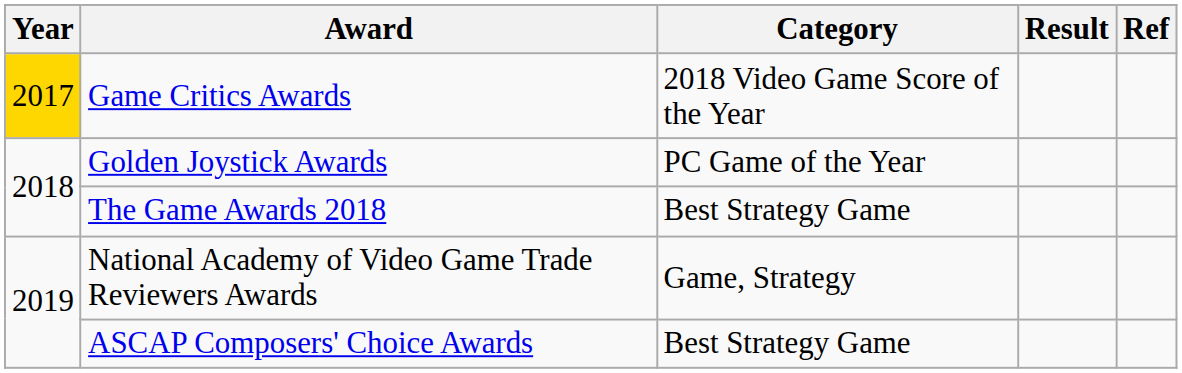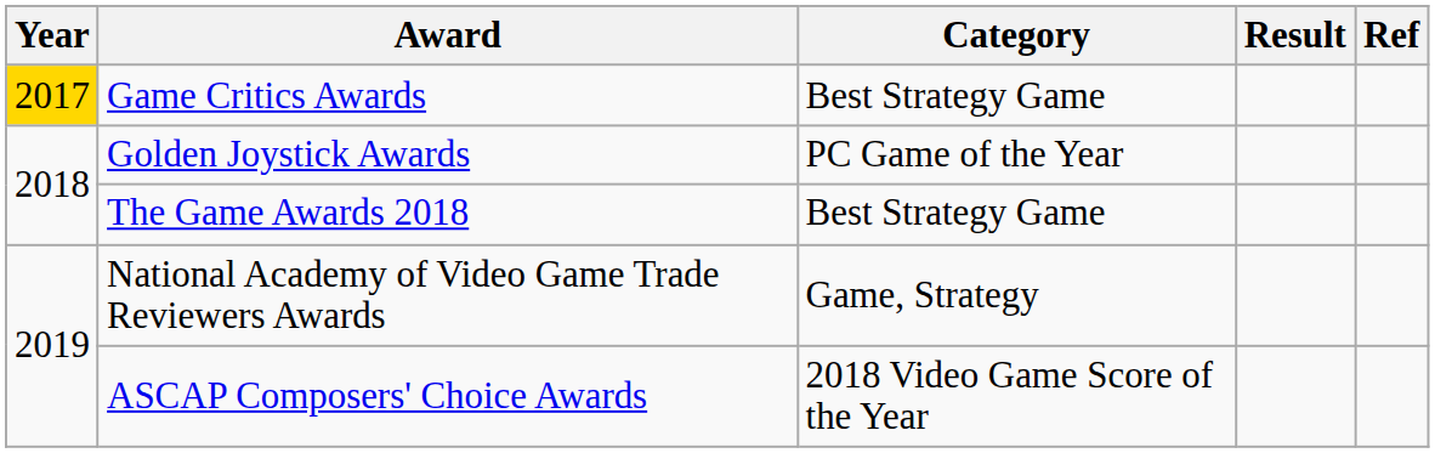 <table class="wikitable sortable">
 <tr>
 <th>Year</th>
 <th>Award</th>
 <th>Category</th>
 <th>Result</th>
 <th>Ref</th>
 </tr>
 <tr>
 <td style="background: gold; text-align:center;" rowspan="1">2017</td>
 <td><a href='#'>Game Critics Awards</a></td>
-<td>2018 Video Game Score of the Year</td>
+<td>Best Strategy Game</td>
 <td></td>
 <td style="text-align:center;"></td>
 </tr>
 <tr>
 <td style="text-align:center;" rowspan="2">2018</td>
 <td><a href='#'>Golden Joystick Awards</a></td>
 <td>PC Game of the Year</td>
 <td></td>
 <td style="text-align:center;"></td>
 </tr>
 <tr>
 <td><a href='#'>The Game Awards 2018</a></td>
 <td>Best Strategy Game</td>
 <td></td>
 <td style="text-align:center;"></td>
 </tr>
 <tr>
 <td style="text-align:center;" rowspan="2">2019</td>
 <td>National Academy of Video Game Trade Reviewers Awards</td>
 <td>Game, Strategy</td>
 <td></td>
 <td style="text-align:center;"></td>
 </tr>
 <tr>
 <td><a href='#'>ASCAP Composers' Choice Awards</a></td>
-<td>Best Strategy Game</td>
+<td>2018 Video Game Score of the Year</td>
 <td></td>
 <td style="text-align:center;"></td>
 </tr>
 </table>
